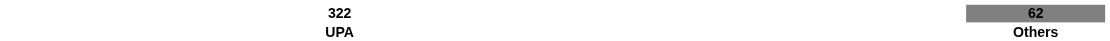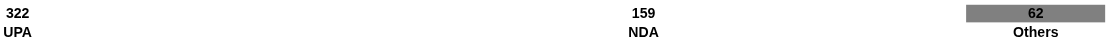 <table style="width:100%; text-align:center;">
 <tr>
 <td style="background:"><strong>322</strong></td>
+<td style="background:"><strong>159</strong></td>
 <td style="background:gray; width:10%;"><strong>62</strong></td>
 </tr>
 <tr>
 <td><span><strong>UPA</strong></span></td>
+<td><span><strong>NDA</strong></span></td>
 <td><span><strong>Others</strong></span></td>
 </tr>
 </table>
